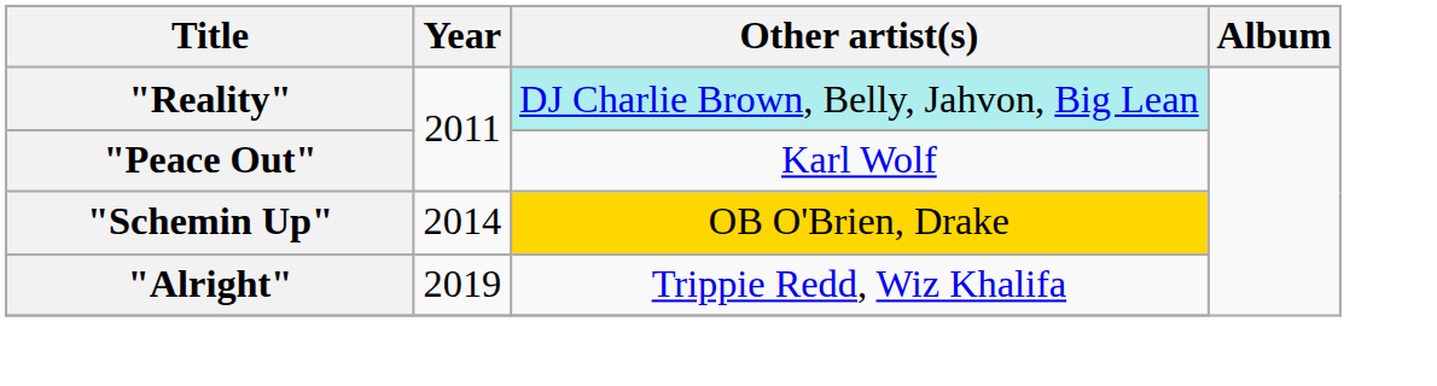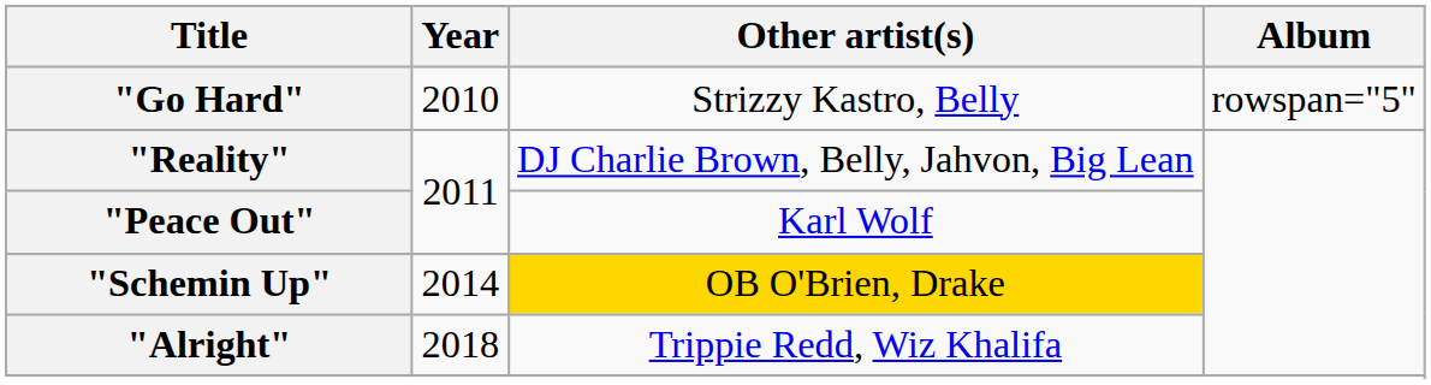 <table class="wikitable plainrowheaders" style="text-align:center;">
 <tr>
 <th scope="col" style="width:10em;">Title</th>
 <th scope="col">Year</th>
 <th scope="col">Other artist(s)</th>
 <th scope="col">Album</th>
 </tr>
 <tr>
+<th scope="row">"Go Hard"</th>
+<td>2010</td>
+<td>Strizzy Kastro, <a href='#'>Belly</a></td>
+<td>rowspan="5" </td>
+</tr>
+<tr>
 <th scope="row">"Reality"</th>
 <td rowspan="2">2011</td>
-<td style="background: paleturquoise;"><a href='#'>DJ Charlie Brown</a>, Belly, Jahvon, <a href='#'>Big Lean</a></td>
+<td><a href='#'>DJ Charlie Brown</a>, Belly, Jahvon, <a href='#'>Big Lean</a></td>
 </tr>
 <tr>
 <th scope="row">"Peace Out"</th>
 <td><a href='#'>Karl Wolf</a></td>
 </tr>
 <tr>
 <th scope="row">"Schemin Up"</th>
 <td>2014</td>
 <td style="background: gold;">OB O'Brien, Drake</td>
 </tr>
 <tr>
 <th scope="row">"Alright"</th>
-<td>2019</td>
+<td>2018</td>
 <td><a href='#'>Trippie Redd</a>, <a href='#'>Wiz Khalifa</a></td>
 </tr>
 <tr>
 </tr>
 </table>
